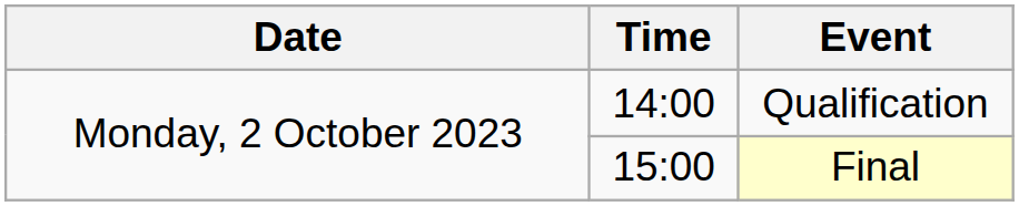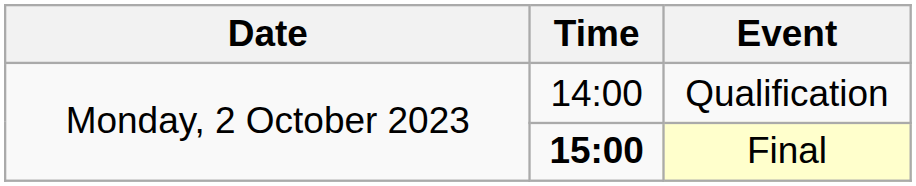 <table class = "wikitable" style="text-align:center;">
 <tr>
 <th width=220>Date</th>
 <th width=50>Time</th>
 <th width=100>Event</th>
 </tr>
 <tr>
 <td rowspan=2>Monday, 2 October 2023</td>
 <td>14:00</td>
 <td>Qualification</td>
 </tr>
 <tr>
-<td>15:00</td>
+<td><strong>15:00</strong></td>
 <td bgcolor=ffffcc>Final</td>
 </tr>
 </table>
